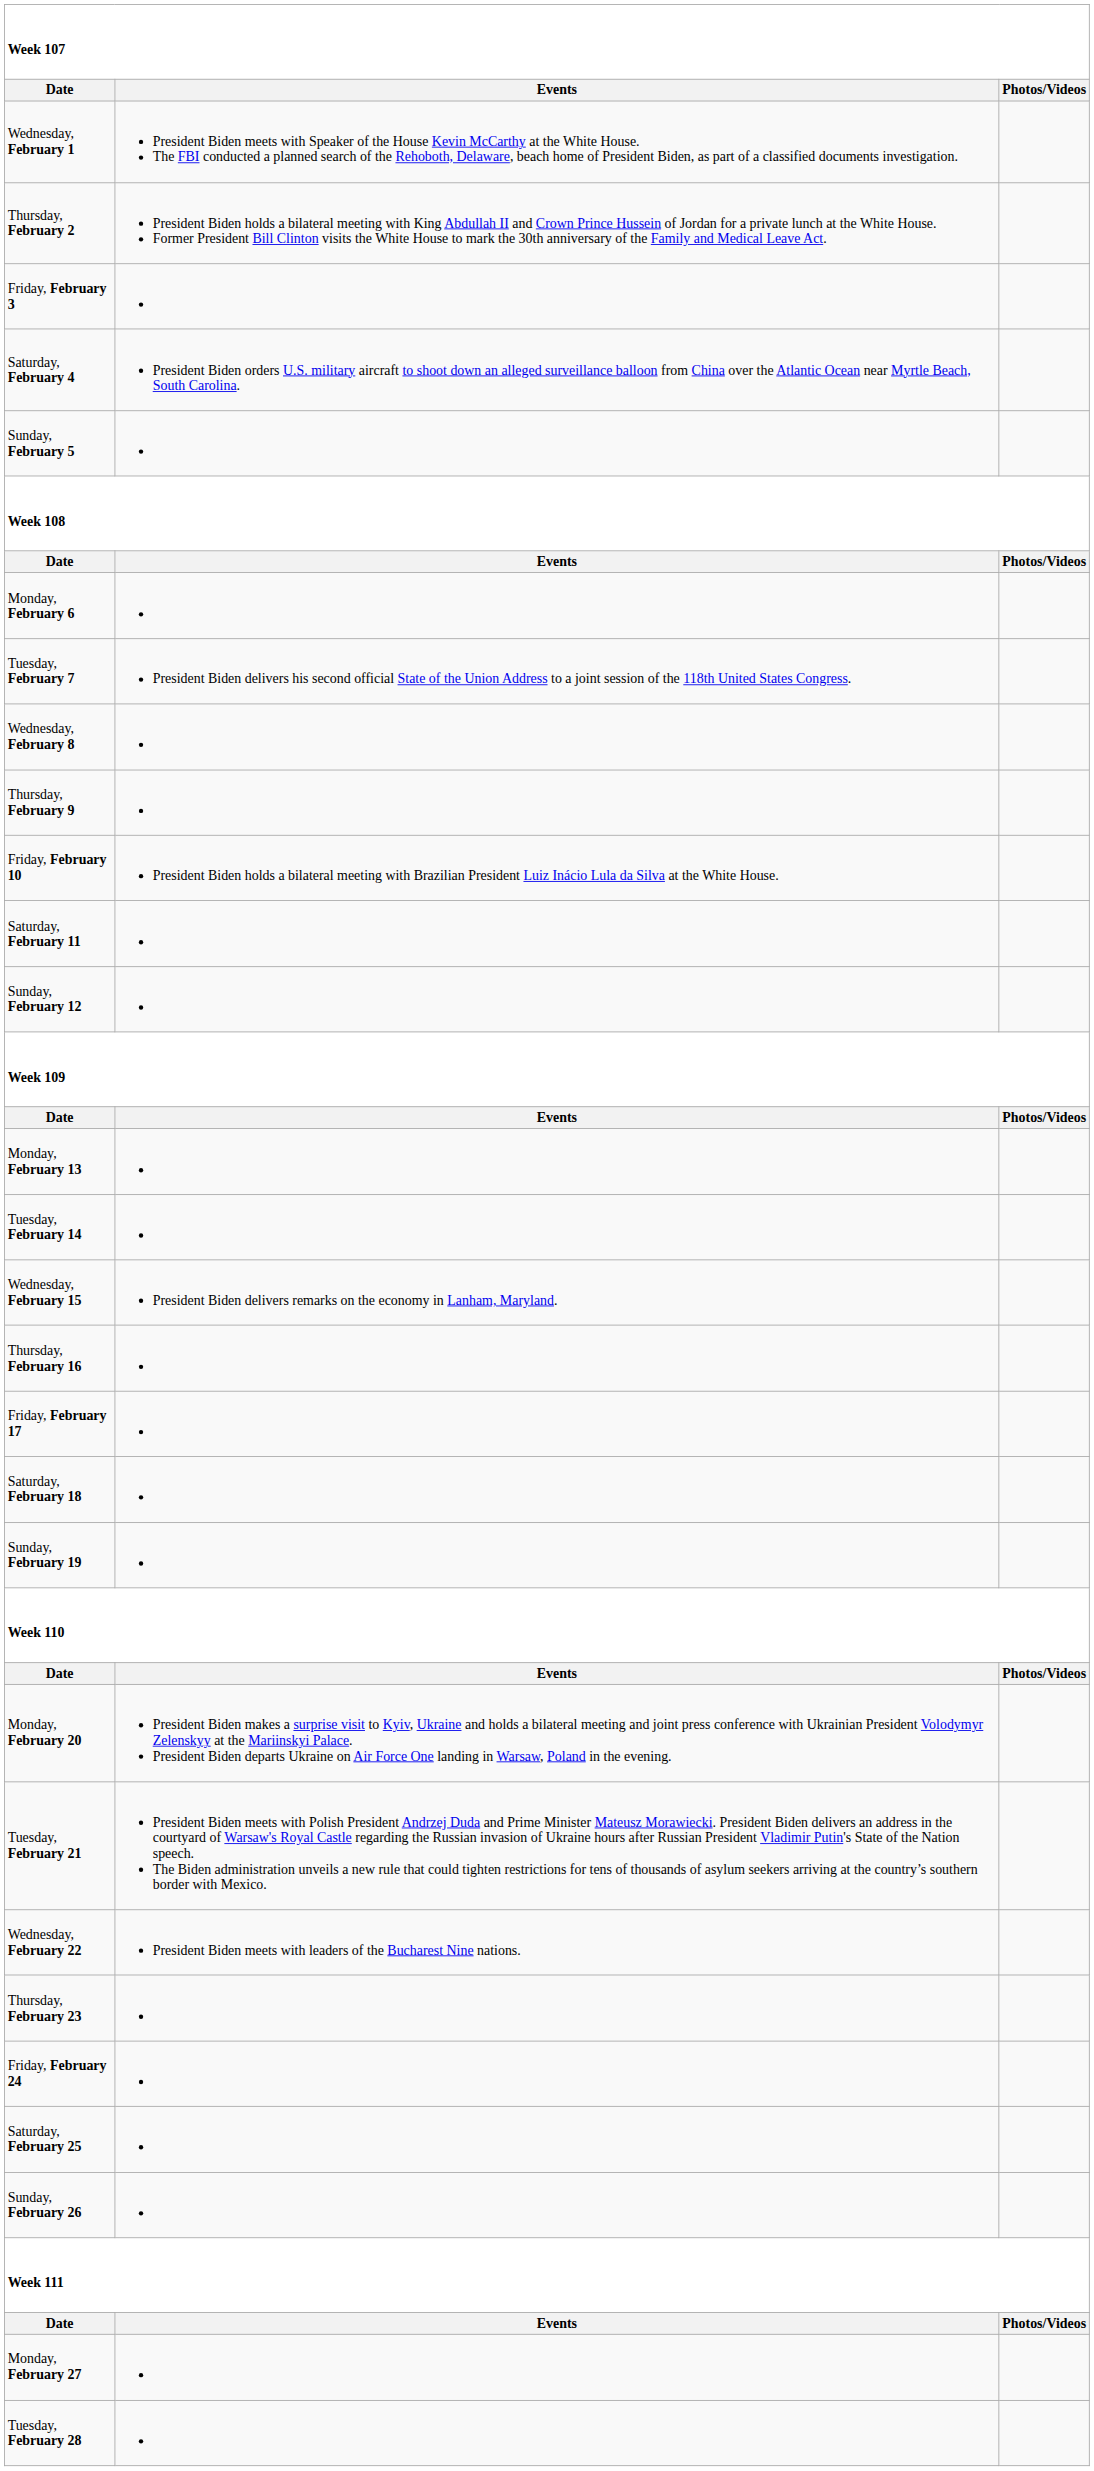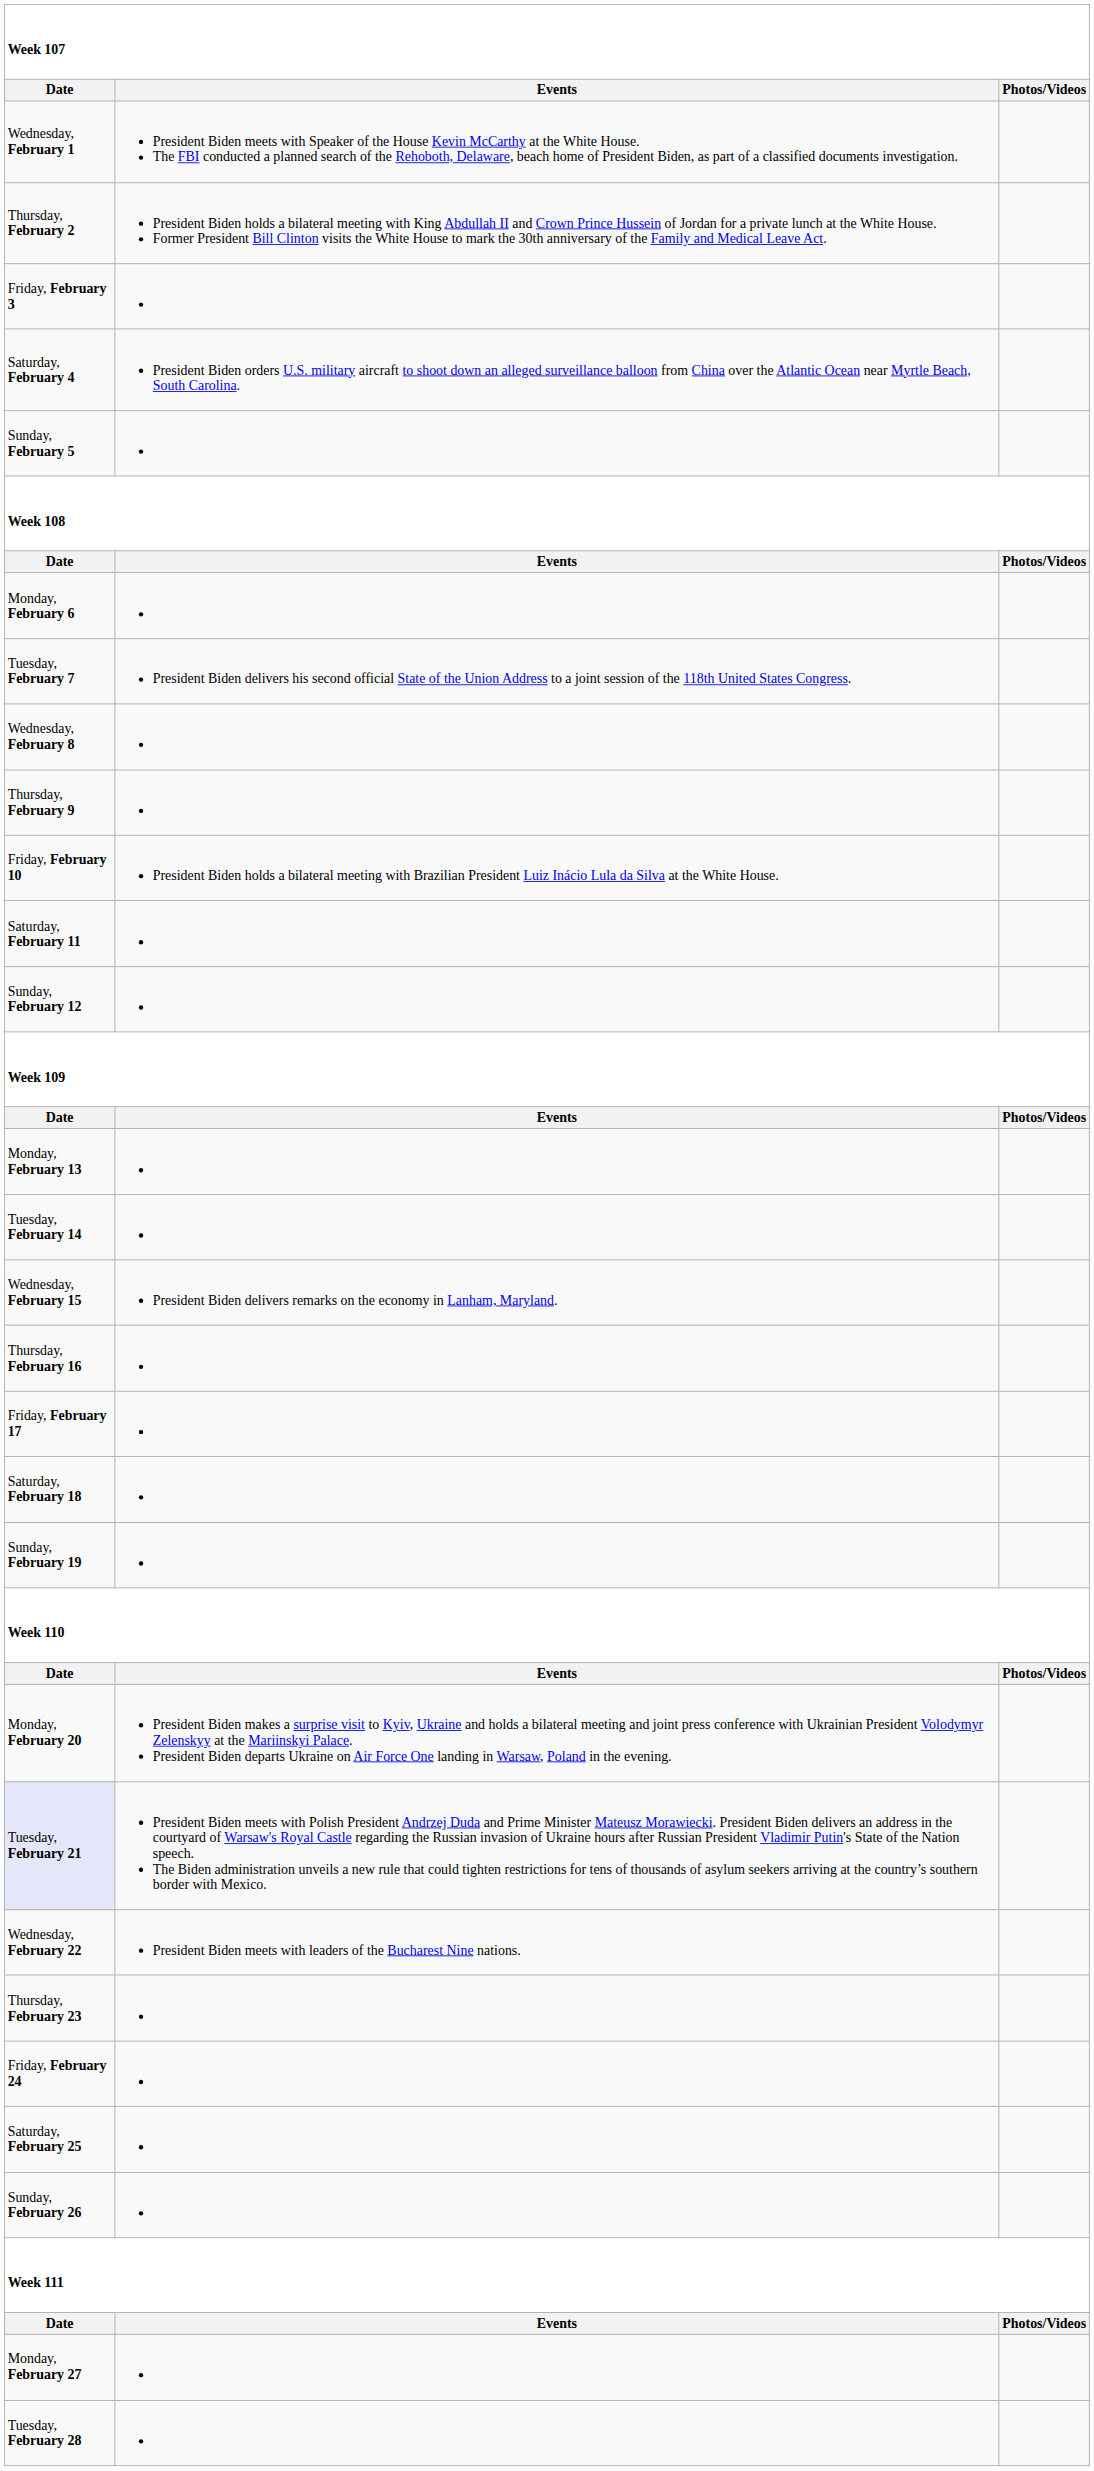 <table class="wikitable">
 <tr style="background:white;">
 <td colspan="3"><br><h4>Week 107</h4></td>
 </tr>
 <tr>
 <th>Date</th>
 <th>Events</th>
 <th>Photos/Videos</th>
 </tr>
 <tr>
 <td>Wednesday, <strong>February 1</strong></td>
 <td><br><ul><li>President Biden meets with Speaker of the House <a href='#'>Kevin McCarthy</a> at the White House.</li><li>The <a href='#'>FBI</a> conducted a planned search of the <a href='#'>Rehoboth, Delaware</a>, beach home of President Biden, as part of a classified documents investigation.</li></ul></td>
 <td></td>
 </tr>
 <tr>
 <td>Thursday, <strong>February 2</strong></td>
 <td><br><ul><li>President Biden holds a bilateral meeting with King <a href='#'>Abdullah II</a> and <a href='#'>Crown Prince Hussein</a> of Jordan for a private lunch at the White House.</li><li>Former President <a href='#'>Bill Clinton</a> visits the White House to mark the 30th anniversary of the <a href='#'>Family and Medical Leave Act</a>.</li></ul></td>
 <td><br></td>
 </tr>
 <tr>
 <td>Friday, <strong>February 3</strong></td>
 <td><br><ul><li></li></ul></td>
 <td></td>
 </tr>
 <tr>
 <td>Saturday, <strong>February 4</strong></td>
 <td><br><ul><li>President Biden orders <a href='#'>U.S. military</a> aircraft <a href='#'>to shoot down an alleged surveillance balloon</a> from <a href='#'>China</a> over the <a href='#'>Atlantic Ocean</a> near <a href='#'>Myrtle Beach, South Carolina</a>.</li></ul></td>
 <td></td>
 </tr>
 <tr>
 <td>Sunday, <strong>February 5</strong></td>
 <td><br><ul><li></li></ul></td>
 <td></td>
 </tr>
 <tr style="background:white;">
 <td colspan="3"><br><h4>Week 108</h4></td>
 </tr>
 <tr>
 <th>Date</th>
 <th>Events</th>
 <th>Photos/Videos</th>
 </tr>
 <tr>
 <td>Monday, <strong>February 6</strong></td>
 <td><br><ul><li></li></ul></td>
 <td></td>
 </tr>
 <tr>
 <td>Tuesday, <strong>February 7</strong></td>
 <td><br><ul><li>President Biden delivers his second official <a href='#'>State of the Union Address</a> to a joint session of the <a href='#'>118th United States Congress</a>.</li></ul></td>
 <td></td>
 </tr>
 <tr>
 <td>Wednesday, <strong>February 8</strong></td>
 <td><br><ul><li></li></ul></td>
 <td></td>
 </tr>
 <tr>
 <td>Thursday, <strong>February 9</strong></td>
 <td><br><ul><li></li></ul></td>
 <td></td>
 </tr>
 <tr>
 <td>Friday, <strong>February 10</strong></td>
 <td><br><ul><li>President Biden holds a bilateral meeting with Brazilian President <a href='#'>Luiz Inácio Lula da Silva</a> at the White House.</li></ul></td>
 <td></td>
 </tr>
 <tr>
 <td>Saturday, <strong>February 11</strong></td>
 <td><br><ul><li></li></ul></td>
 <td></td>
 </tr>
 <tr>
 <td>Sunday, <strong>February 12</strong></td>
 <td><br><ul><li></li></ul></td>
 <td></td>
 </tr>
 <tr style="background:white;">
 <td colspan="3"><br><h4>Week 109</h4></td>
 </tr>
 <tr>
 <th>Date</th>
 <th>Events</th>
 <th>Photos/Videos</th>
 </tr>
 <tr>
 <td>Monday, <strong>February 13</strong></td>
 <td><br><ul><li></li></ul></td>
 <td></td>
 </tr>
 <tr>
 <td>Tuesday, <strong>February 14</strong></td>
 <td><br><ul><li></li></ul></td>
 <td></td>
 </tr>
 <tr>
 <td>Wednesday, <strong>February 15</strong></td>
 <td><br><ul><li>President Biden delivers remarks on the economy in <a href='#'>Lanham, Maryland</a>.</li></ul></td>
 <td></td>
 </tr>
 <tr>
 <td>Thursday, <strong>February 16</strong></td>
 <td><br><ul><li></li></ul></td>
 <td></td>
 </tr>
 <tr>
 <td>Friday, <strong>February 17</strong></td>
 <td><br><ul><li></li></ul></td>
 <td></td>
 </tr>
 <tr>
 <td>Saturday, <strong>February 18</strong></td>
 <td><br><ul><li></li></ul></td>
 <td></td>
 </tr>
 <tr>
 <td>Sunday, <strong>February 19</strong></td>
 <td><br><ul><li></li></ul></td>
 <td></td>
 </tr>
 <tr style="background:white;">
 <td colspan="3"><br><h4>Week 110</h4></td>
 </tr>
 <tr>
 <th>Date</th>
 <th>Events</th>
 <th>Photos/Videos</th>
 </tr>
 <tr>
 <td>Monday, <strong>February 20</strong></td>
 <td><br><ul><li>President Biden makes a <a href='#'>surprise visit</a> to <a href='#'>Kyiv</a>, <a href='#'>Ukraine</a> and holds a bilateral meeting and joint press conference with Ukrainian President <a href='#'>Volodymyr Zelenskyy</a> at the <a href='#'>Mariinskyi Palace</a>.</li><li>President Biden departs Ukraine on <a href='#'>Air Force One</a> landing in <a href='#'>Warsaw</a>, <a href='#'>Poland</a> in the evening.</li></ul></td>
 <td></td>
 </tr>
 <tr>
-<td>Tuesday, <strong>February 21</strong></td>
+<td style="background: lavender;">Tuesday, <strong>February 21</strong></td>
 <td><br><ul><li>President Biden meets with Polish President <a href='#'>Andrzej Duda</a> and Prime Minister <a href='#'>Mateusz Morawiecki</a>. President Biden delivers an address in the courtyard of <a href='#'>Warsaw's Royal Castle</a> regarding the Russian invasion of Ukraine hours after Russian President <a href='#'>Vladimir Putin</a>'s State of the Nation speech.</li><li>The Biden administration unveils a new rule that could tighten restrictions for tens of thousands of asylum seekers arriving at the country’s southern border with Mexico.</li></ul></td>
 <td></td>
 </tr>
 <tr>
 <td>Wednesday, <strong>February 22</strong></td>
 <td><br><ul><li>President Biden meets with leaders of the <a href='#'>Bucharest Nine</a> nations.</li></ul></td>
 <td></td>
 </tr>
 <tr>
 <td>Thursday, <strong>February 23</strong></td>
 <td><br><ul><li></li></ul></td>
 <td></td>
 </tr>
 <tr>
 <td>Friday, <strong>February 24</strong></td>
 <td><br><ul><li></li></ul></td>
 <td></td>
 </tr>
 <tr>
 <td>Saturday, <strong>February 25</strong></td>
 <td><br><ul><li></li></ul></td>
 <td></td>
 </tr>
 <tr>
 <td>Sunday, <strong>February 26</strong></td>
 <td><br><ul><li></li></ul></td>
 <td></td>
 </tr>
 <tr style="background:white;">
 <td colspan="3"><br><h4>Week 111</h4></td>
 </tr>
 <tr>
 <th>Date</th>
 <th>Events</th>
 <th>Photos/Videos</th>
 </tr>
 <tr>
 <td>Monday, <strong>February 27</strong></td>
 <td><br><ul><li></li></ul></td>
 <td></td>
 </tr>
 <tr>
 <td>Tuesday, <strong>February 28</strong></td>
 <td><br><ul><li></li></ul></td>
 <td></td>
 </tr>
 </table>
